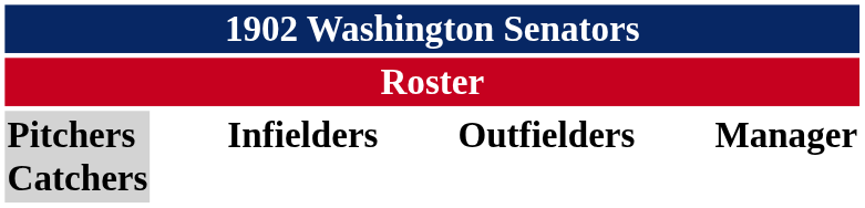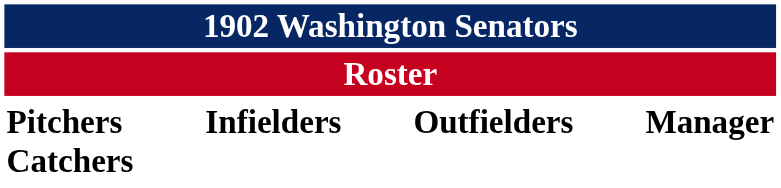 <table class="toccolours" style="font-size: 95%;">
 <tr>
 <th colspan="10" style="background-color: #072764; color: white; text-align: center;">1902 Washington Senators</th>
 </tr>
 <tr>
 <td colspan="10" style="background-color: #c6011f; color: white; text-align: center;"><strong>Roster</strong></td>
 </tr>
 <tr>
-<td valign="top" style="background: lightgrey;"><strong>Pitchers</strong><br>     <strong>Catchers</strong>   </td>
+<td valign="top"><strong>Pitchers</strong><br>     <strong>Catchers</strong>   </td>
 <td width="25px"></td>
 <td valign="top"><strong>Infielders</strong><br>     </td>
 <td width="25px"></td>
 <td valign="top"><strong>Outfielders</strong><br>    </td>
 <td width="25px"></td>
 <td valign="top"><strong>Manager</strong><br></td>
 </tr>
 </table>
